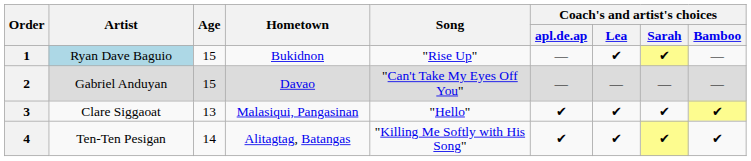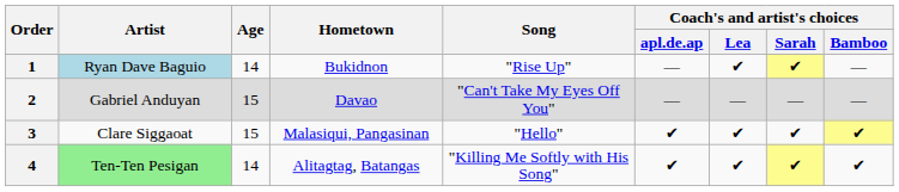 <table class="wikitable" style="text-align:center; line-height:17px; width:100%;">
 <tr>
 <th rowspan="2" scope="col" style="width:04%;">Order</th>
 <th rowspan="2" scope="col" style="width:18%;">Artist</th>
 <th rowspan="2" scope="col" style="width:04%;">Age</th>
 <th rowspan="2" scope="col" style="width:18%;">Hometown</th>
 <th rowspan="2" scope="col" style="width:20%;">Song</th>
 <th colspan="4" scope="col" style="width:24%;">Coach's and artist's choices</th>
 </tr>
 <tr>
 <th style="width:06%;"><a href='#'>apl.de.ap</a></th>
 <th style="width:06%;"><a href='#'>Lea</a></th>
 <th style="width:06%;"><a href='#'>Sarah</a></th>
 <th style="width:06%;"><a href='#'>Bamboo</a></th>
 </tr>
 <tr>
 <th>1</th>
 <td style="background: lightblue;">Ryan Dave Baguio</td>
-<td>15</td>
+<td>14</td>
 <td><a href='#'>Bukidnon</a></td>
 <td>"<a href='#'>Rise Up</a>"</td>
 <td>—</td>
 <td>✔</td>
 <td style="background:#fdfc8f;">✔</td>
 <td>—</td>
 </tr>
 <tr>
 <th>2</th>
 <td style="background:#dcdcdc;">Gabriel Anduyan</td>
 <td style="background:#dcdcdc;">15</td>
 <td style="background:#dcdcdc;"><a href='#'>Davao</a></td>
 <td style="background:#dcdcdc;">"<a href='#'>Can't Take My Eyes Off You</a>"</td>
 <td style="background:#dcdcdc;">—</td>
 <td style="background:#dcdcdc;">—</td>
 <td style="background:#dcdcdc;">—</td>
 <td style="background:#dcdcdc;">—</td>
 </tr>
 <tr>
 <th>3</th>
 <td>Clare Siggaoat</td>
-<td>13</td>
+<td>15</td>
 <td><a href='#'>Malasiqui, Pangasinan</a></td>
 <td>"<a href='#'>Hello</a>"</td>
 <td>✔</td>
 <td>✔</td>
 <td>✔</td>
 <td style="background:#fdfc8f">✔</td>
 </tr>
 <tr>
 <th>4</th>
-<td>Ten-Ten Pesigan</td>
+<td style="background: lightgreen;">Ten-Ten Pesigan</td>
 <td>14</td>
 <td><a href='#'>Alitagtag</a>, <a href='#'>Batangas</a></td>
 <td>"<a href='#'>Killing Me Softly with His Song</a>"</td>
 <td>✔</td>
 <td>✔</td>
 <td style="background:#fdfc8f;">✔</td>
 <td>✔</td>
 </tr>
 </table>
